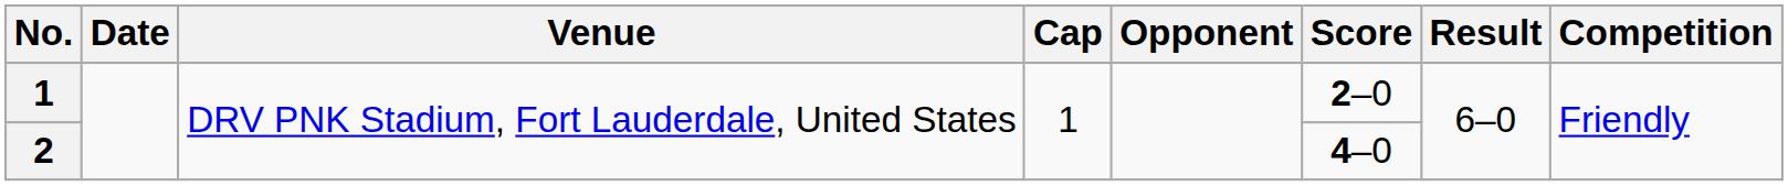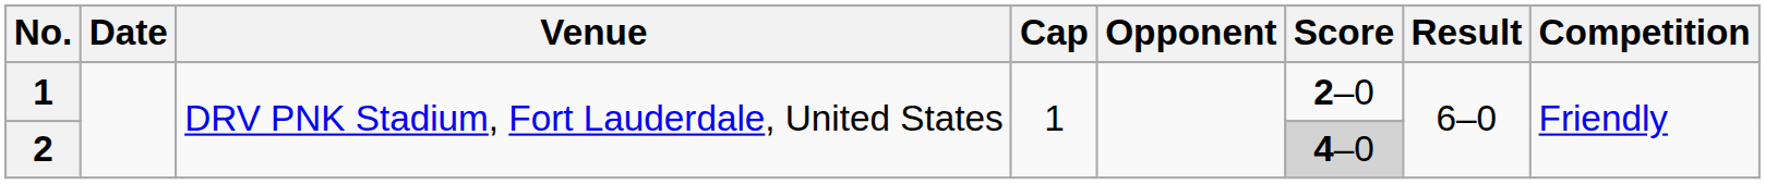 <table class="wikitable sortable plainrowheaders">
 <tr>
 <th scope="col">No.</th>
 <th scope="col" data-sort-type="date">Date</th>
 <th scope="col">Venue</th>
 <th scope="col">Cap</th>
 <th scope="col">Opponent</th>
 <th scope="col" class="unsortable">Score</th>
 <th scope="col" class="unsortable">Result</th>
 <th scope="col">Competition</th>
 </tr>
 <tr>
 <th>1</th>
 <td rowspan="2"></td>
 <td rowspan="2"><a href='#'>DRV PNK Stadium</a>, <a href='#'>Fort Lauderdale</a>, United States</td>
 <td rowspan="2" align="center">1</td>
 <td rowspan="2"></td>
 <td align="center"><strong>2</strong>–0</td>
 <td rowspan="2" align="center">6–0</td>
 <td rowspan="2"><a href='#'>Friendly</a></td>
 </tr>
 <tr>
 <th>2</th>
-<td align="center"><strong>4</strong>–0</td>
+<td align="center" style="background: lightgrey;"><strong>4</strong>–0</td>
 </tr>
 </table>
